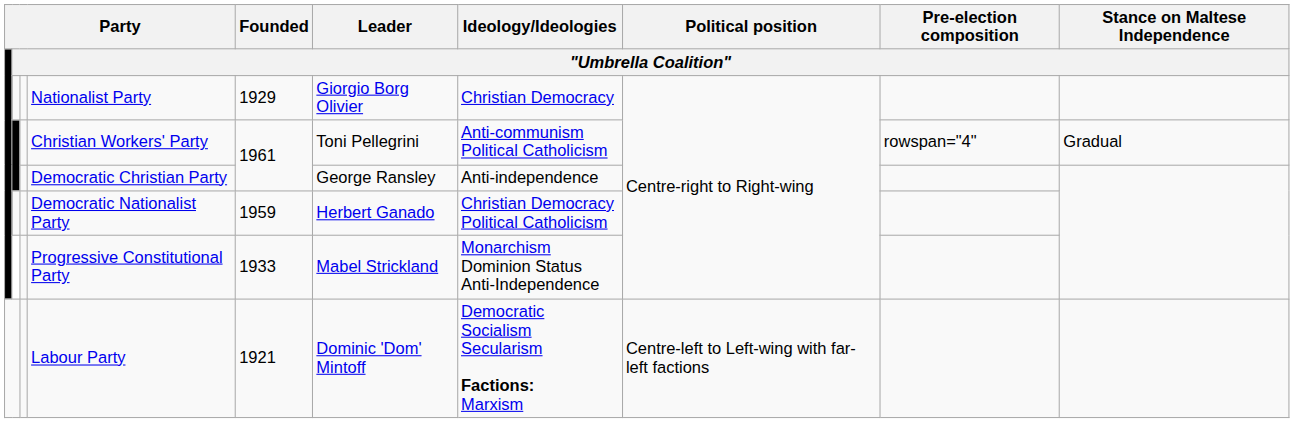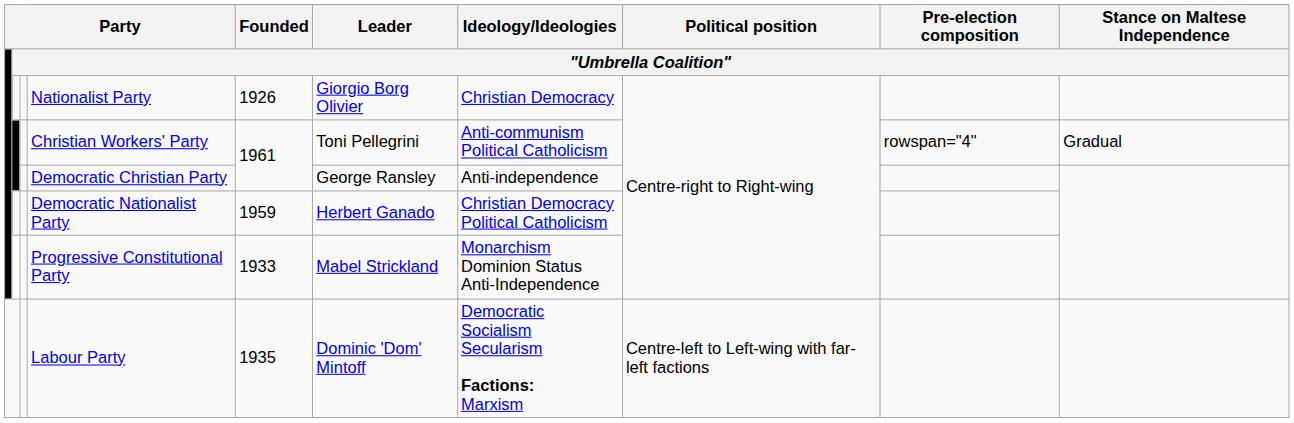 <table class="wikitable">
 <tr>
 <th colspan="4">Party</th>
 <th>Founded</th>
 <th>Leader</th>
 <th>Ideology/Ideologies</th>
 <th>Political position</th>
 <th>Pre-election composition</th>
 <th>Stance on Maltese Independence</th>
 </tr>
 <tr>
 <td rowspan="6" style="background:black"></td>
 <th colspan="9"><em>"Umbrella Coalition"</em></th>
 </tr>
 <tr>
 <td style="background:"></td>
 <td></td>
 <td><a href='#'>Nationalist Party</a></td>
-<td>1929</td>
+<td>1926</td>
 <td><a href='#'>Giorgio Borg Olivier</a></td>
 <td><a href='#'>Christian Democracy</a></td>
 <td rowspan="5">Centre-right to Right-wing</td>
 <td></td>
 <td></td>
 </tr>
 <tr>
 <td rowspan="2" style="background:black"></td>
 <td></td>
 <td><a href='#'>Christian Workers' Party</a></td>
 <td rowspan="2">1961</td>
 <td>Toni Pellegrini</td>
 <td><a href='#'>Anti-communism</a><br><a href='#'>Political Catholicism</a></td>
 <td>rowspan="4" </td>
 <td> Gradual</td>
 </tr>
 <tr>
 <td></td>
 <td><a href='#'>Democratic Christian Party</a></td>
 <td>George Ransley</td>
 <td>Anti-independence</td>
 <td></td>
 </tr>
 <tr>
 <td style="background:"></td>
 <td></td>
 <td><a href='#'>Democratic Nationalist Party</a></td>
 <td>1959</td>
 <td><a href='#'>Herbert Ganado</a></td>
 <td><a href='#'>Christian Democracy</a><br><a href='#'>Political Catholicism</a></td>
 <td></td>
 </tr>
 <tr>
 <td style="background:white"></td>
 <td></td>
 <td><a href='#'>Progressive Constitutional Party</a></td>
 <td>1933</td>
 <td><a href='#'>Mabel Strickland</a></td>
 <td><a href='#'>Monarchism</a><br>Dominion Status<br>Anti-Independence</td>
 <td></td>
 </tr>
 <tr>
 <td colspan="2" style="background:"></td>
 <td></td>
 <td><a href='#'>Labour Party</a></td>
-<td>1921</td>
+<td>1935</td>
 <td><a href='#'>Dominic 'Dom' Mintoff</a></td>
 <td><a href='#'>Democratic Socialism</a><br><a href='#'>Secularism</a><br><br><strong>Factions:</strong><br><a href='#'>Marxism</a></td>
 <td>Centre-left to Left-wing with far-left factions</td>
 <td></td>
 <td></td>
 </tr>
 </table>
